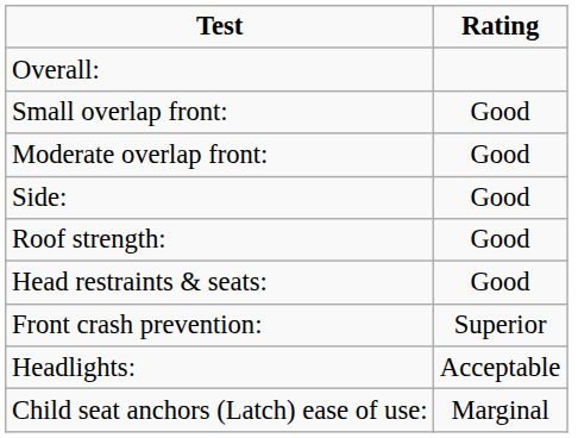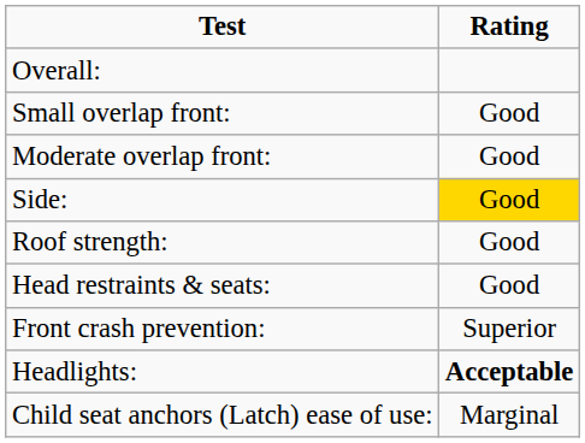 <table class="wikitable">
 <tr>
 <td style="text-align:center;"><strong>Test</strong></td>
 <td style="text-align:center;"><strong>Rating</strong></td>
 </tr>
 <tr>
 <td>Overall:</td>
 <td style="text-align:center;"></td>
 </tr>
 <tr>
 <td>Small overlap front:</td>
 <td style="text-align:center;">Good</td>
 </tr>
 <tr>
 <td>Moderate overlap front:</td>
 <td style="text-align:center;">Good</td>
 </tr>
 <tr>
 <td>Side:</td>
-<td style="text-align:center;">Good</td>
+<td style="background: gold; text-align:center;">Good</td>
 </tr>
 <tr>
 <td>Roof strength:</td>
 <td style="text-align:center;">Good</td>
 </tr>
 <tr>
 <td>Head restraints & seats:</td>
 <td style="text-align:center;">Good</td>
 </tr>
 <tr>
 <td>Front crash prevention:</td>
 <td style="text-align:center;">Superior</td>
 </tr>
 <tr>
 <td>Headlights:</td>
-<td style="text-align:center;">Acceptable</td>
+<td style="text-align:center;"><strong>Acceptable</strong></td>
 </tr>
 <tr>
 <td>Child seat anchors (Latch) ease of use:</td>
 <td style="text-align:center;">Marginal</td>
 </tr>
 </table>
